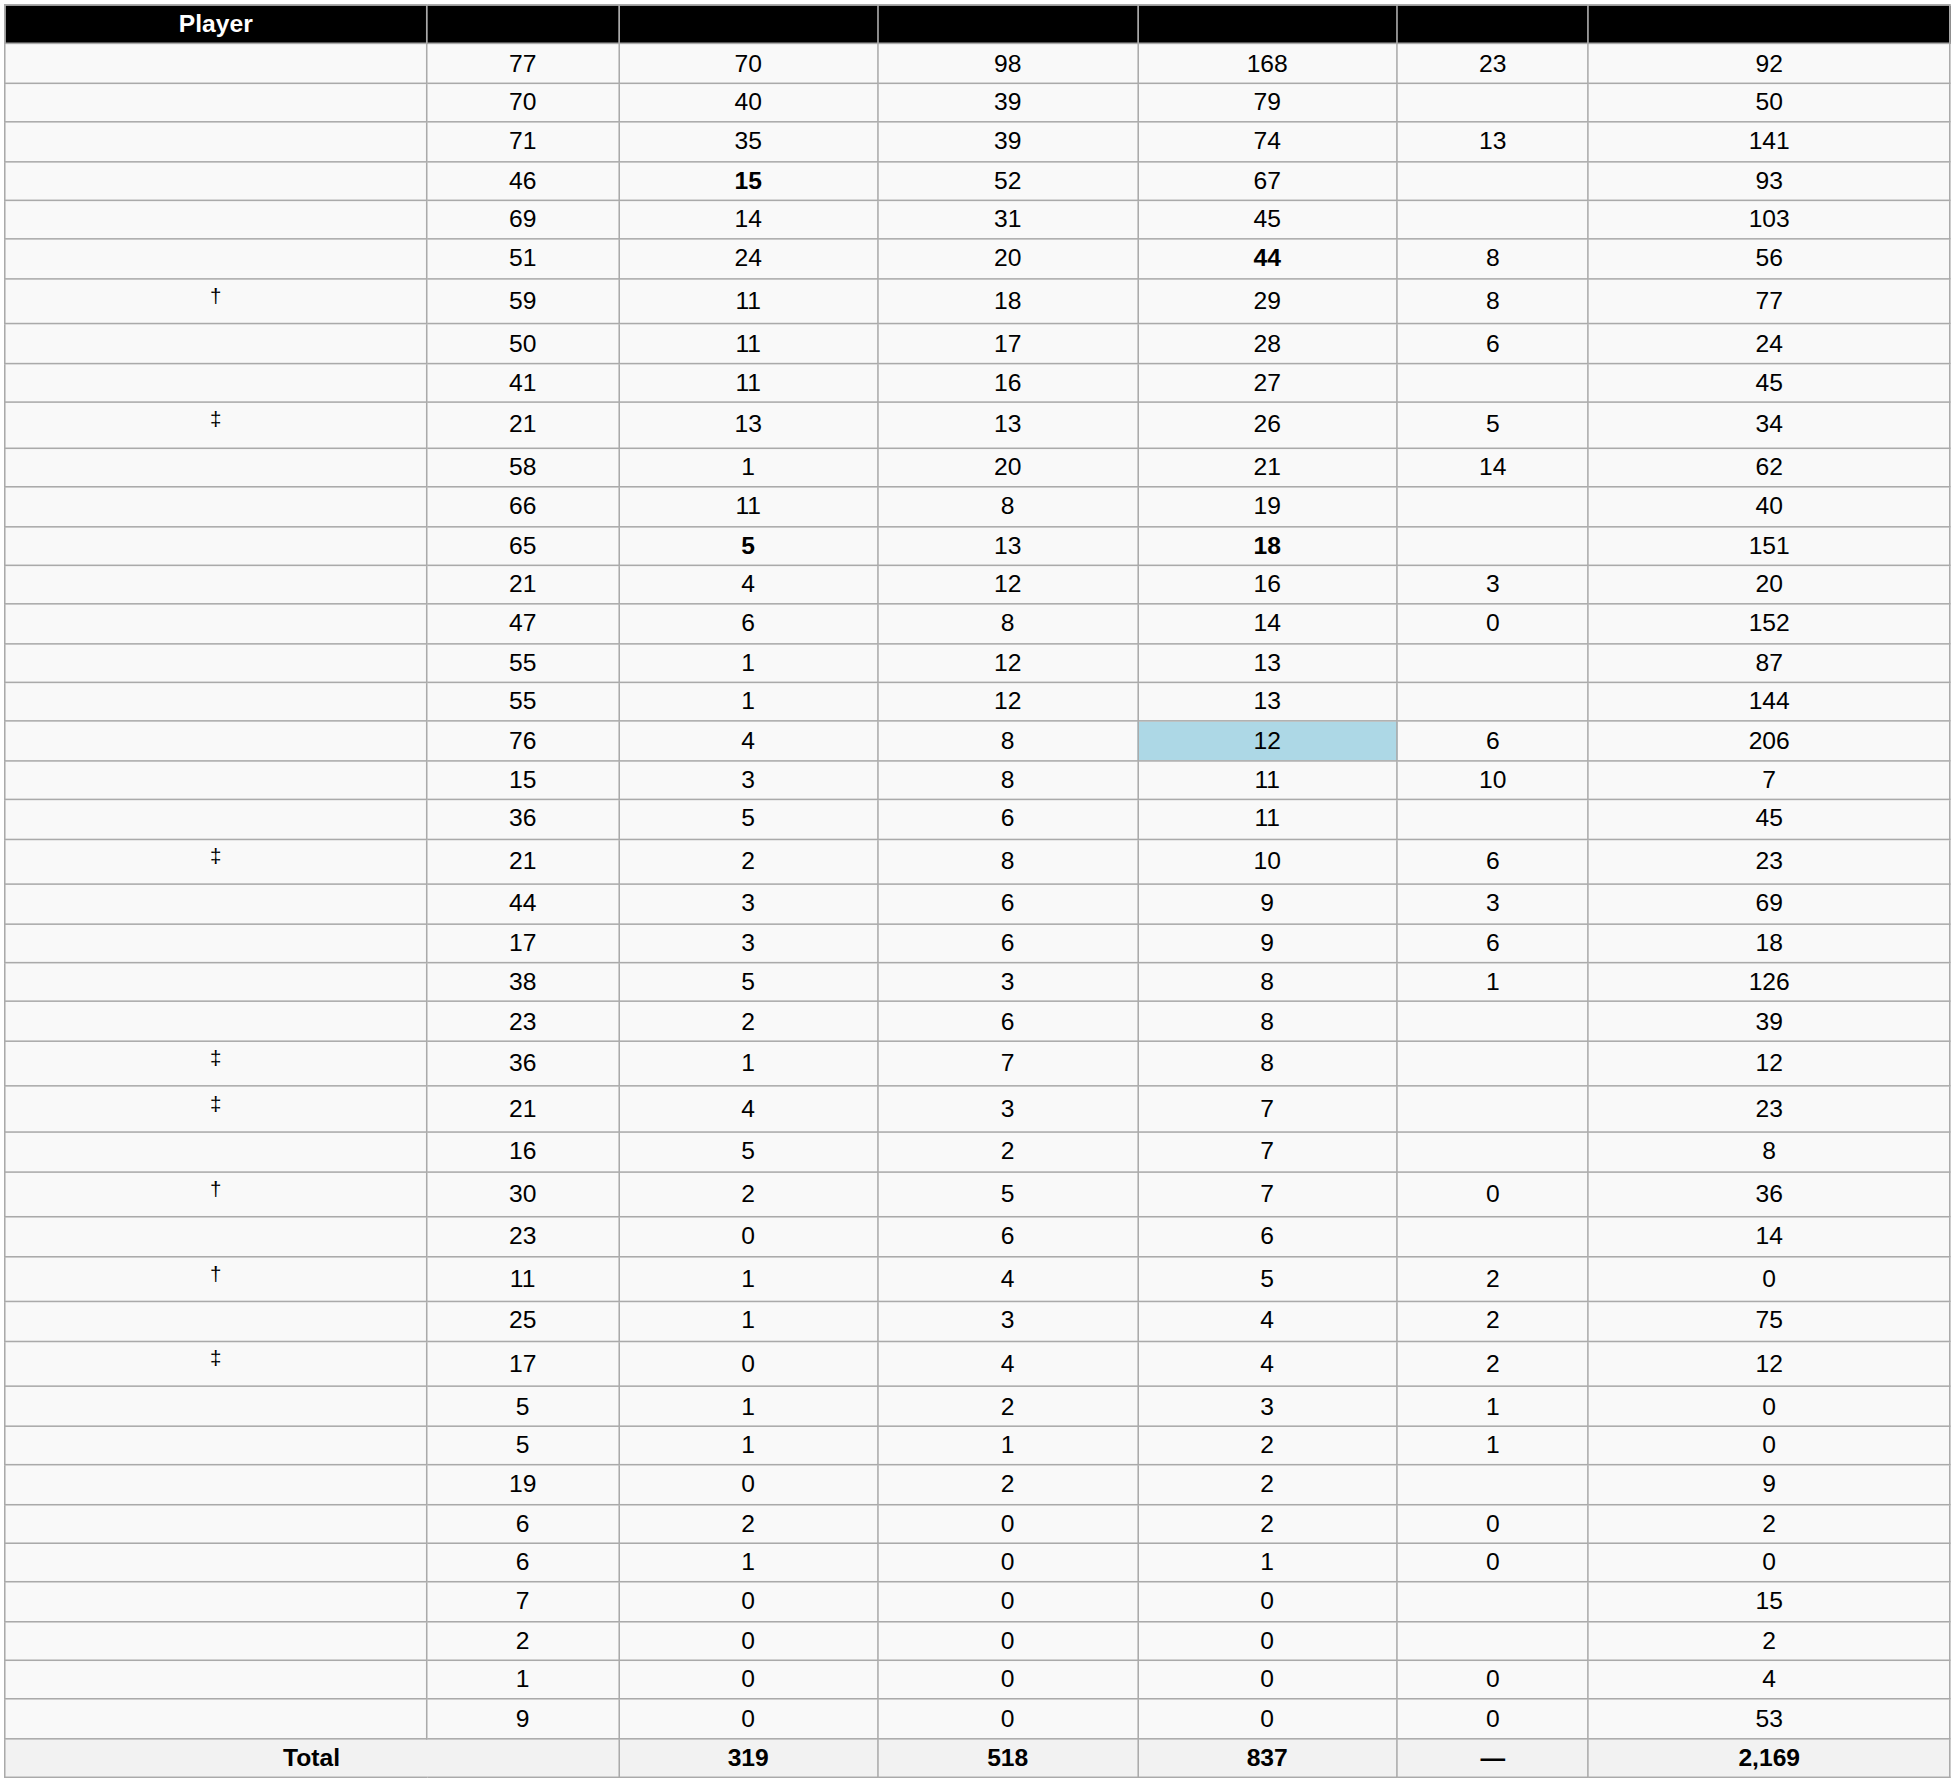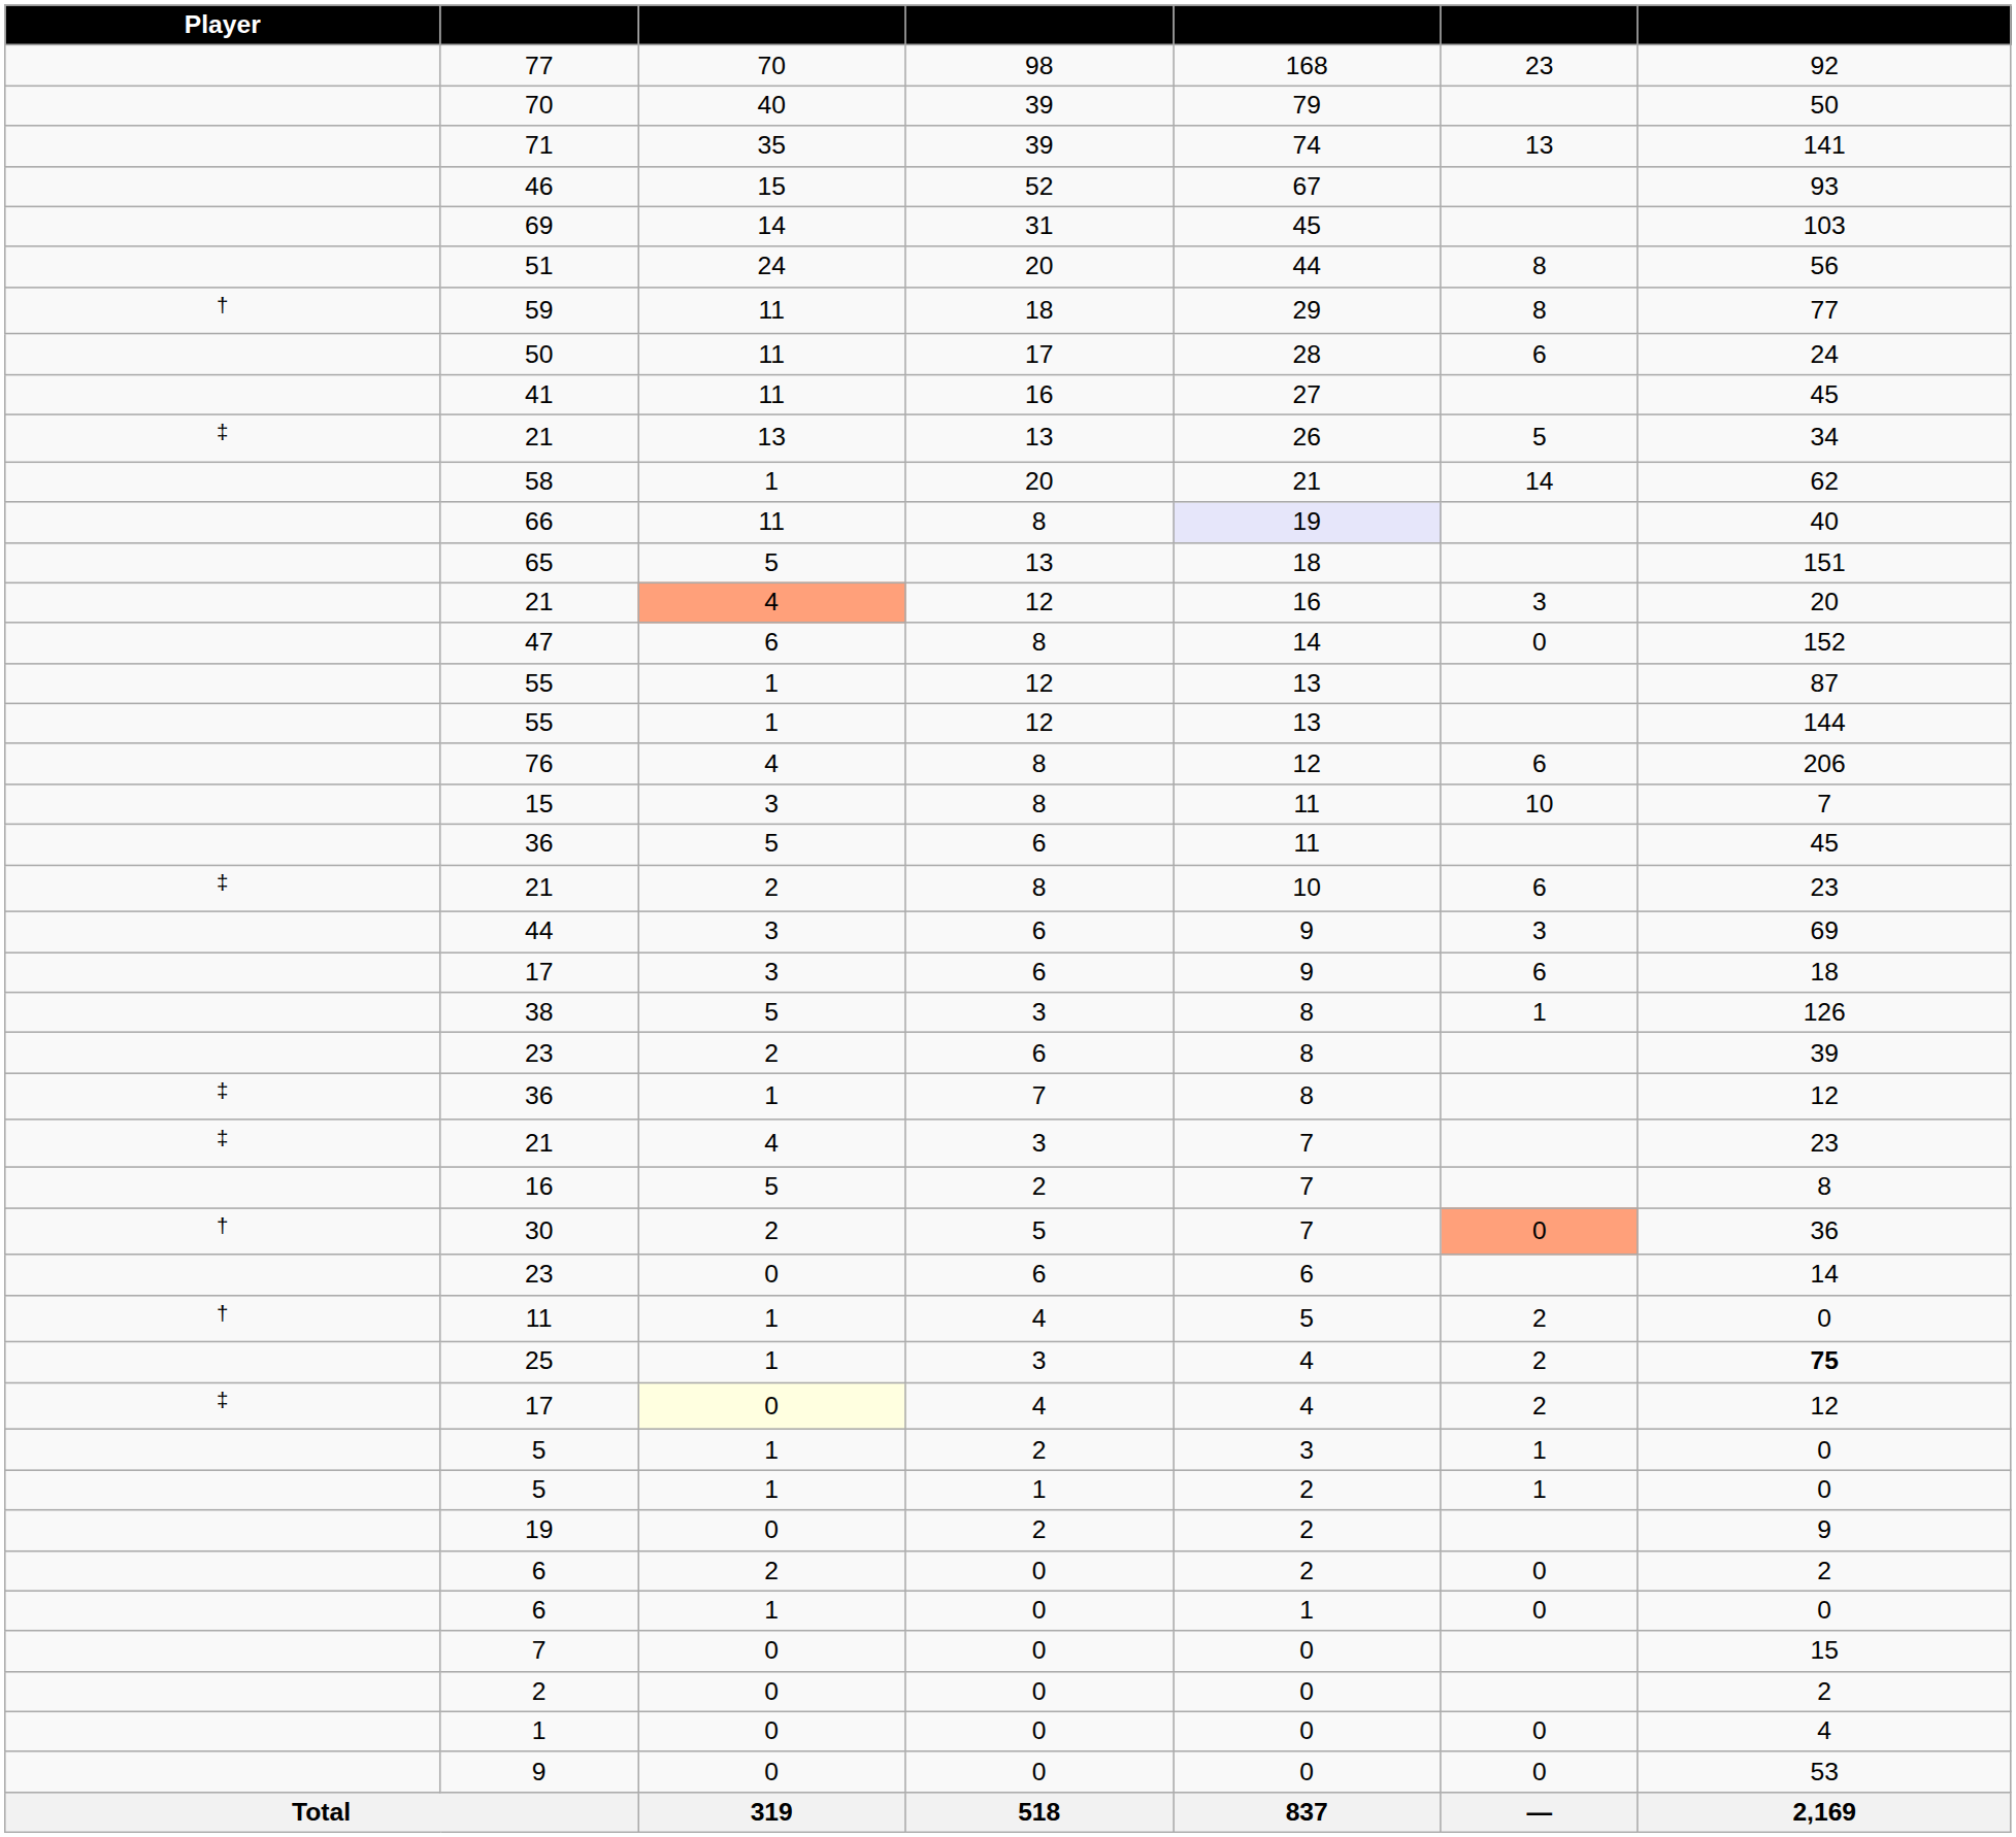 <table class="wikitable sortable" style="width:100%; text-align:center;">
 <tr align=center>
 <th style="color:white; background:#000000; ">Player</th>
 <th style="color:white; background:#000000; "></th>
 <th style="color:white; background:#000000; "></th>
 <th style="color:white; background:#000000; "></th>
 <th style="color:white; background:#000000; "></th>
 <th style="color:white; background:#000000; "></th>
 <th style="color:white; background:#000000; "></th>
 </tr>
 <tr>
 <td></td>
 <td>77</td>
 <td>70</td>
 <td>98</td>
 <td>168</td>
 <td>23</td>
 <td>92</td>
 </tr>
 <tr>
 <td></td>
 <td>70</td>
 <td>40</td>
 <td>39</td>
 <td>79</td>
 <td></td>
 <td>50</td>
 </tr>
 <tr>
 <td></td>
 <td>71</td>
 <td>35</td>
 <td>39</td>
 <td>74</td>
 <td>13</td>
 <td>141</td>
 </tr>
 <tr>
 <td></td>
 <td>46</td>
-<td><strong>15</strong></td>
+<td>15</td>
 <td>52</td>
 <td>67</td>
 <td></td>
 <td>93</td>
 </tr>
 <tr>
 <td></td>
 <td>69</td>
 <td>14</td>
 <td>31</td>
 <td>45</td>
 <td></td>
 <td>103</td>
 </tr>
 <tr>
 <td></td>
 <td>51</td>
 <td>24</td>
 <td>20</td>
-<td><strong>44</strong></td>
+<td>44</td>
 <td>8</td>
 <td>56</td>
 </tr>
 <tr>
 <td><sup>†</sup></td>
 <td>59</td>
 <td>11</td>
 <td>18</td>
 <td>29</td>
 <td>8</td>
 <td>77</td>
 </tr>
 <tr>
 <td></td>
 <td>50</td>
 <td>11</td>
 <td>17</td>
 <td>28</td>
 <td>6</td>
 <td>24</td>
 </tr>
 <tr>
 <td></td>
 <td>41</td>
 <td>11</td>
 <td>16</td>
 <td>27</td>
 <td></td>
 <td>45</td>
 </tr>
 <tr>
 <td><sup>‡</sup></td>
 <td>21</td>
 <td>13</td>
 <td>13</td>
 <td>26</td>
 <td>5</td>
 <td>34</td>
 </tr>
 <tr>
 <td></td>
 <td>58</td>
 <td>1</td>
 <td>20</td>
 <td>21</td>
 <td>14</td>
 <td>62</td>
 </tr>
 <tr>
 <td></td>
 <td>66</td>
 <td>11</td>
 <td>8</td>
-<td>19</td>
+<td style="background: lavender;">19</td>
 <td></td>
 <td>40</td>
 </tr>
 <tr>
 <td></td>
 <td>65</td>
-<td><strong>5</strong></td>
+<td>5</td>
 <td>13</td>
-<td><strong>18</strong></td>
+<td>18</td>
 <td></td>
 <td>151</td>
 </tr>
 <tr>
 <td></td>
 <td>21</td>
-<td>4</td>
+<td style="background: lightsalmon;">4</td>
 <td>12</td>
 <td>16</td>
 <td>3</td>
 <td>20</td>
 </tr>
 <tr>
 <td></td>
 <td>47</td>
 <td>6</td>
 <td>8</td>
 <td>14</td>
 <td>0</td>
 <td>152</td>
 </tr>
 <tr>
 <td></td>
 <td>55</td>
 <td>1</td>
 <td>12</td>
 <td>13</td>
 <td></td>
 <td>87</td>
 </tr>
 <tr>
 <td></td>
 <td>55</td>
 <td>1</td>
 <td>12</td>
 <td>13</td>
 <td></td>
 <td>144</td>
 </tr>
 <tr>
 <td></td>
 <td>76</td>
 <td>4</td>
 <td>8</td>
-<td style="background: lightblue;">12</td>
+<td>12</td>
 <td>6</td>
 <td>206</td>
 </tr>
 <tr>
 <td></td>
 <td>15</td>
 <td>3</td>
 <td>8</td>
 <td>11</td>
 <td>10</td>
 <td>7</td>
 </tr>
 <tr>
 <td></td>
 <td>36</td>
 <td>5</td>
 <td>6</td>
 <td>11</td>
 <td></td>
 <td>45</td>
 </tr>
 <tr>
 <td><sup>‡</sup></td>
 <td>21</td>
 <td>2</td>
 <td>8</td>
 <td>10</td>
 <td>6</td>
 <td>23</td>
 </tr>
 <tr>
 <td></td>
 <td>44</td>
 <td>3</td>
 <td>6</td>
 <td>9</td>
 <td>3</td>
 <td>69</td>
 </tr>
 <tr>
 <td></td>
 <td>17</td>
 <td>3</td>
 <td>6</td>
 <td>9</td>
 <td>6</td>
 <td>18</td>
 </tr>
 <tr>
 <td></td>
 <td>38</td>
 <td>5</td>
 <td>3</td>
 <td>8</td>
 <td>1</td>
 <td>126</td>
 </tr>
 <tr>
 <td></td>
 <td>23</td>
 <td>2</td>
 <td>6</td>
 <td>8</td>
 <td></td>
 <td>39</td>
 </tr>
 <tr>
 <td><sup>‡</sup></td>
 <td>36</td>
 <td>1</td>
 <td>7</td>
 <td>8</td>
 <td></td>
 <td>12</td>
 </tr>
 <tr>
 <td><sup>‡</sup></td>
 <td>21</td>
 <td>4</td>
 <td>3</td>
 <td>7</td>
 <td></td>
 <td>23</td>
 </tr>
 <tr>
 <td></td>
 <td>16</td>
 <td>5</td>
 <td>2</td>
 <td>7</td>
 <td></td>
 <td>8</td>
 </tr>
 <tr>
 <td><sup>†</sup></td>
 <td>30</td>
 <td>2</td>
 <td>5</td>
 <td>7</td>
-<td>0</td>
+<td style="background: lightsalmon;">0</td>
 <td>36</td>
 </tr>
 <tr>
 <td></td>
 <td>23</td>
 <td>0</td>
 <td>6</td>
 <td>6</td>
 <td></td>
 <td>14</td>
 </tr>
 <tr>
 <td><sup>†</sup></td>
 <td>11</td>
 <td>1</td>
 <td>4</td>
 <td>5</td>
 <td>2</td>
 <td>0</td>
 </tr>
 <tr>
 <td></td>
 <td>25</td>
 <td>1</td>
 <td>3</td>
 <td>4</td>
 <td>2</td>
-<td>75</td>
+<td><strong>75</strong></td>
 </tr>
 <tr>
 <td><sup>‡</sup></td>
 <td>17</td>
-<td>0</td>
+<td style="background: lightyellow;">0</td>
 <td>4</td>
 <td>4</td>
 <td>2</td>
 <td>12</td>
 </tr>
 <tr>
 <td></td>
 <td>5</td>
 <td>1</td>
 <td>2</td>
 <td>3</td>
 <td>1</td>
 <td>0</td>
 </tr>
 <tr>
 <td></td>
 <td>5</td>
 <td>1</td>
 <td>1</td>
 <td>2</td>
 <td>1</td>
 <td>0</td>
 </tr>
 <tr>
 <td></td>
 <td>19</td>
 <td>0</td>
 <td>2</td>
 <td>2</td>
 <td></td>
 <td>9</td>
 </tr>
 <tr>
 <td></td>
 <td>6</td>
 <td>2</td>
 <td>0</td>
 <td>2</td>
 <td>0</td>
 <td>2</td>
 </tr>
 <tr>
 <td></td>
 <td>6</td>
 <td>1</td>
 <td>0</td>
 <td>1</td>
 <td>0</td>
 <td>0</td>
 </tr>
 <tr>
 <td></td>
 <td>7</td>
 <td>0</td>
 <td>0</td>
 <td>0</td>
 <td></td>
 <td>15</td>
 </tr>
 <tr>
 <td></td>
 <td>2</td>
 <td>0</td>
 <td>0</td>
 <td>0</td>
 <td></td>
 <td>2</td>
 </tr>
 <tr>
 <td></td>
 <td>1</td>
 <td>0</td>
 <td>0</td>
 <td>0</td>
 <td>0</td>
 <td>4</td>
 </tr>
 <tr>
 <td></td>
 <td>9</td>
 <td>0</td>
 <td>0</td>
 <td>0</td>
 <td>0</td>
 <td>53</td>
 </tr>
 <tr class="sortbottom">
 <th colspan=2>Total</th>
 <th>319</th>
 <th>518</th>
 <th>837</th>
 <th>—</th>
 <th>2,169</th>
 </tr>
 </table>
